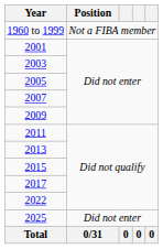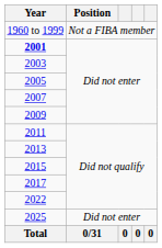 <table class="wikitable" style="text-align: center;">
 <tr>
 <th scope=col>Year</th>
 <th scope=col>Position</th>
 <th scope=col></th>
 <th scope=col></th>
 <th scope=col></th>
 </tr>
 <tr>
 <td> <a href='#'>1960</a> to  <a href='#'>1999</a></td>
 <td colspan=4><em>Not a FIBA member</em></td>
 </tr>
 <tr>
-<td> <a href='#'>2001</a></td>
+<td><strong> <a href='#'>2001</a></strong></td>
 <td rowspan=5 colspan=4><em>Did not enter</em></td>
 </tr>
 <tr>
 <td> <a href='#'>2003</a></td>
 </tr>
 <tr>
 <td> <a href='#'>2005</a></td>
 </tr>
 <tr>
 <td> <a href='#'>2007</a></td>
 </tr>
 <tr>
 <td> <a href='#'>2009</a></td>
 </tr>
 <tr>
 <td> <a href='#'>2011</a></td>
 <td rowspan=5 colspan=4><em>Did not qualify</em></td>
 </tr>
 <tr>
 <td> <a href='#'>2013</a></td>
 </tr>
 <tr>
 <td> <a href='#'>2015</a></td>
 </tr>
 <tr>
 <td> <a href='#'>2017</a></td>
 </tr>
 <tr>
 <td> <a href='#'>2022</a></td>
 </tr>
 <tr>
 <td> <a href='#'>2025</a></td>
 <td colspan=4><em>Did not enter</em></td>
 </tr>
 <tr>
 <th>Total</th>
 <th>0/31</th>
 <th>0</th>
 <th>0</th>
 <th>0</th>
 </tr>
 </table>
